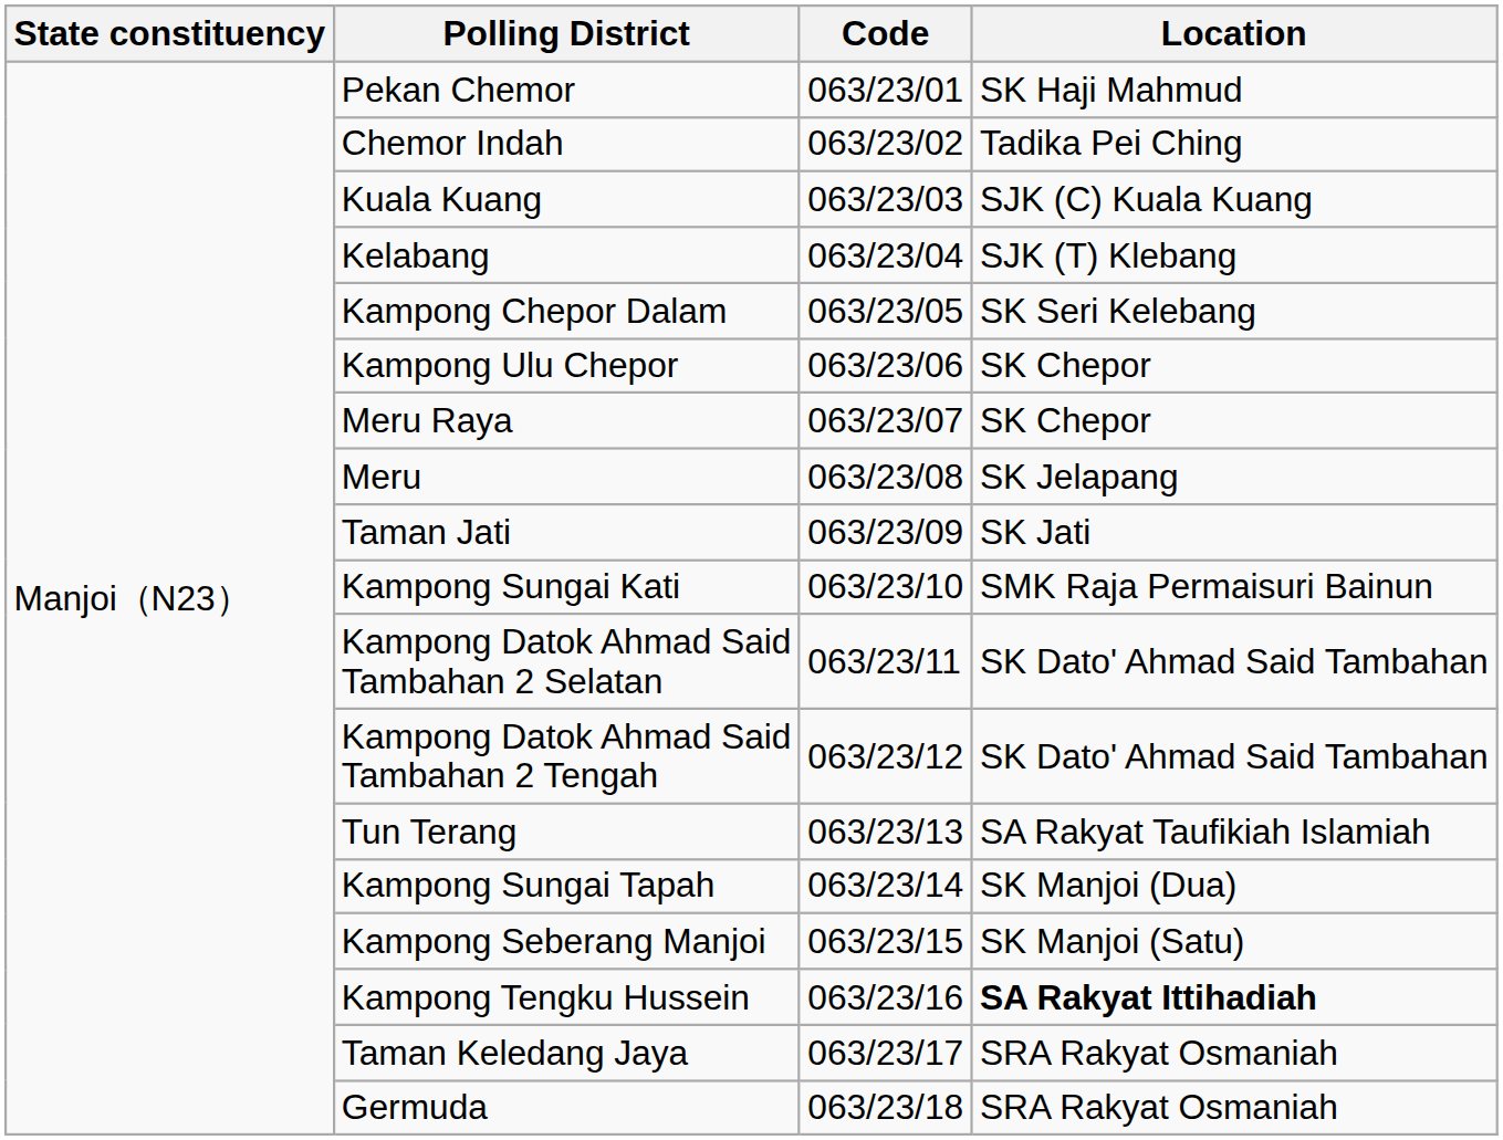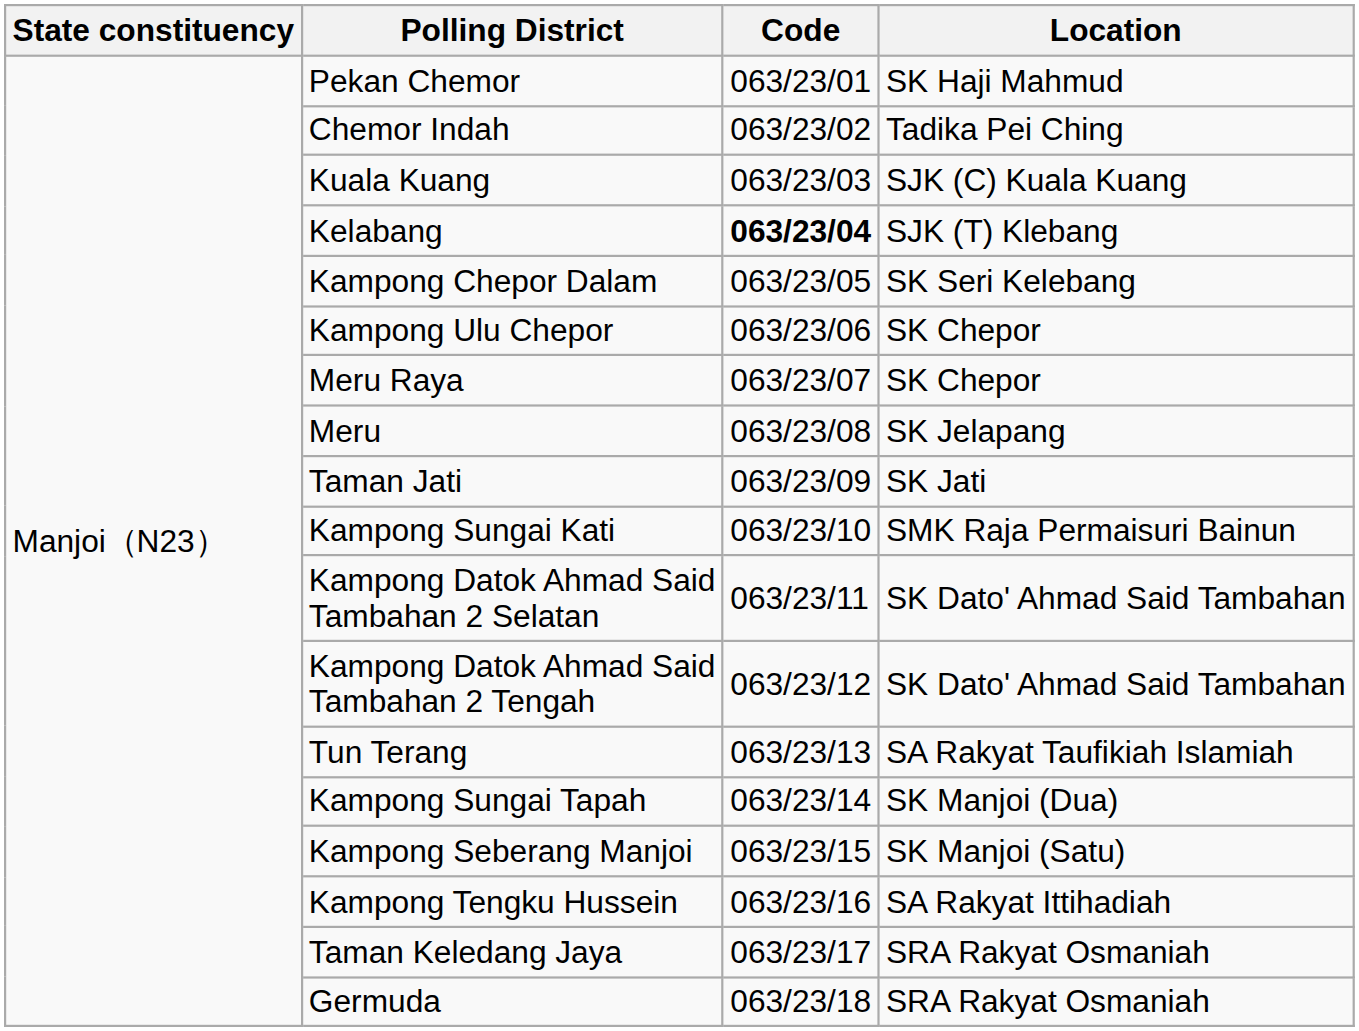 <table class="wikitable sortable mw-collapsible" style="white-space:nowrap;font-size:90%">
 <tr>
 <th>State constituency</th>
 <th>Polling District</th>
 <th>Code</th>
 <th>Location</th>
 </tr>
 <tr>
 <td rowspan="18">Manjoi（N23）</td>
 <td>Pekan Chemor</td>
 <td>063/23/01</td>
 <td>SK Haji Mahmud</td>
 </tr>
 <tr>
 <td>Chemor Indah</td>
 <td>063/23/02</td>
 <td>Tadika Pei Ching</td>
 </tr>
 <tr>
 <td>Kuala Kuang</td>
 <td>063/23/03</td>
 <td>SJK (C) Kuala Kuang</td>
 </tr>
 <tr>
 <td>Kelabang</td>
-<td>063/23/04</td>
+<td><strong>063/23/04</strong></td>
 <td>SJK (T) Klebang</td>
 </tr>
 <tr>
 <td>Kampong Chepor Dalam</td>
 <td>063/23/05</td>
 <td>SK Seri Kelebang</td>
 </tr>
 <tr>
 <td>Kampong Ulu Chepor</td>
 <td>063/23/06</td>
 <td>SK Chepor</td>
 </tr>
 <tr>
 <td>Meru Raya</td>
 <td>063/23/07</td>
 <td>SK Chepor</td>
 </tr>
 <tr>
 <td>Meru</td>
 <td>063/23/08</td>
 <td>SK Jelapang</td>
 </tr>
 <tr>
 <td>Taman Jati</td>
 <td>063/23/09</td>
 <td>SK Jati</td>
 </tr>
 <tr>
 <td>Kampong Sungai Kati</td>
 <td>063/23/10</td>
 <td>SMK Raja Permaisuri Bainun</td>
 </tr>
 <tr>
 <td>Kampong Datok Ahmad Said<br>Tambahan 2 Selatan</td>
 <td>063/23/11</td>
 <td>SK Dato' Ahmad Said Tambahan</td>
 </tr>
 <tr>
 <td>Kampong Datok Ahmad Said<br>Tambahan 2 Tengah</td>
 <td>063/23/12</td>
 <td>SK Dato' Ahmad Said Tambahan</td>
 </tr>
 <tr>
 <td>Tun Terang</td>
 <td>063/23/13</td>
 <td>SA Rakyat Taufikiah Islamiah</td>
 </tr>
 <tr>
 <td>Kampong Sungai Tapah</td>
 <td>063/23/14</td>
 <td>SK Manjoi (Dua)</td>
 </tr>
 <tr>
 <td>Kampong Seberang Manjoi</td>
 <td>063/23/15</td>
 <td>SK Manjoi (Satu)</td>
 </tr>
 <tr>
 <td>Kampong Tengku Hussein</td>
 <td>063/23/16</td>
-<td><strong>SA Rakyat Ittihadiah</strong></td>
+<td>SA Rakyat Ittihadiah</td>
 </tr>
 <tr>
 <td>Taman Keledang Jaya</td>
 <td>063/23/17</td>
 <td>SRA Rakyat Osmaniah</td>
 </tr>
 <tr>
 <td>Germuda</td>
 <td>063/23/18</td>
 <td>SRA Rakyat Osmaniah</td>
 </tr>
 </table>
